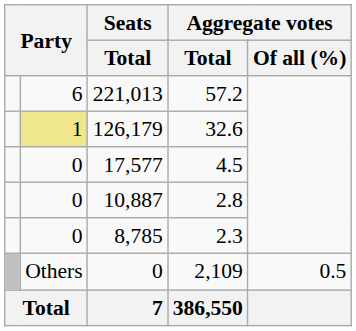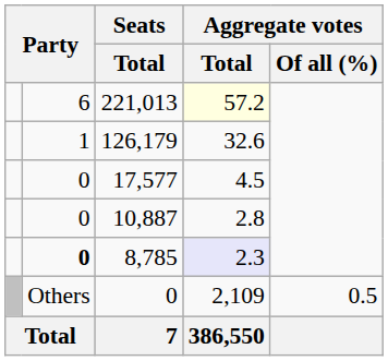 <table class="wikitable" style="text-align:right; font-size:95%;">
 <tr>
 <th colspan="2" rowspan="2">Party</th>
 <th>Seats</th>
 <th colspan="2">Aggregate votes</th>
 </tr>
 <tr>
 <th>Total</th>
 <th>Total</th>
 <th>Of all (%)</th>
 </tr>
 <tr>
 <td></td>
 <td>6</td>
 <td>221,013</td>
-<td>57.2</td>
+<td style="background: lightyellow;">57.2</td>
 </tr>
 <tr>
 <td></td>
-<td style="background: khaki;">1</td>
+<td>1</td>
 <td>126,179</td>
 <td>32.6</td>
 </tr>
 <tr>
 <td></td>
 <td>0</td>
 <td>17,577</td>
 <td>4.5</td>
 </tr>
 <tr>
 <td></td>
 <td>0</td>
 <td>10,887</td>
 <td>2.8</td>
 </tr>
 <tr>
 <td></td>
-<td>0</td>
+<td><strong>0</strong></td>
 <td>8,785</td>
-<td>2.3</td>
+<td style="background: lavender;">2.3</td>
 </tr>
 <tr>
 <td style="background:silver;"> </td>
 <td align=left>Others</td>
 <td>0</td>
 <td>2,109</td>
 <td>0.5</td>
 </tr>
 <tr>
 <th colspan="2" style="background:#f2f2f2"><strong>Total</strong></th>
 <td style="background:#f2f2f2;"><strong>7</strong></td>
 <td style="background:#f2f2f2;"><strong>386,550</strong></td>
 <td style="background:#f2f2f2;"></td>
 </tr>
 </table>
